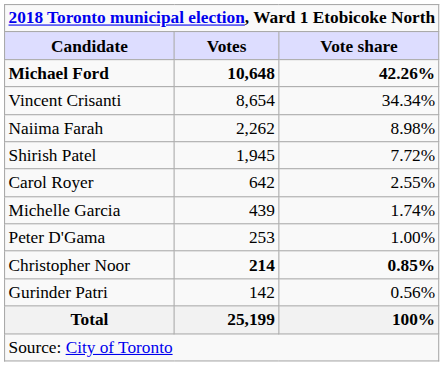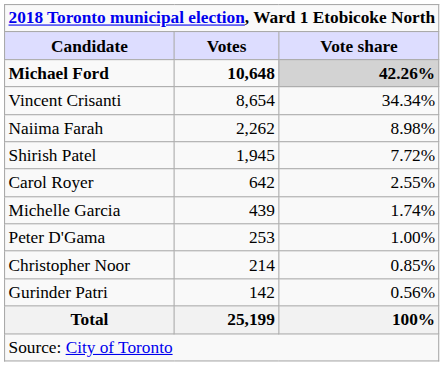 <table class="wikitable plainrowheaders">
 <tr>
 <td colspan="3"><strong><a href='#'>2018 Toronto municipal election</a>, Ward 1 Etobicoke North</strong></td>
 </tr>
 <tr>
 <th scope="col" style="background:#ddf; width:150px;">Candidate</th>
 <th scope="col" style="background:#ddf;">Votes</th>
 <th scope="col" style="background:#ddf;">Vote share</th>
 </tr>
 <tr>
 <td scope="row"><strong>Michael Ford</strong></td>
 <td style="text-align:right;"><strong>10,648</strong></td>
-<td style="text-align:right;"><strong>42.26%</strong></td>
+<td style="background: lightgrey; text-align:right;"><strong>42.26%</strong></td>
 </tr>
 <tr>
 <td scope="row">Vincent Crisanti</td>
 <td style="text-align:right;">8,654</td>
 <td style="text-align:right;">34.34%</td>
 </tr>
 <tr>
 <td scope="row">Naiima Farah</td>
 <td style="text-align:right;">2,262</td>
 <td style="text-align:right;">8.98%</td>
 </tr>
 <tr>
 <td scope="row">Shirish Patel</td>
 <td style="text-align:right;">1,945</td>
 <td style="text-align:right;">7.72%</td>
 </tr>
 <tr>
 <td>Carol Royer</td>
 <td style="text-align:right;">642</td>
 <td style="text-align:right;">2.55%</td>
 </tr>
 <tr>
 <td>Michelle Garcia</td>
 <td style="text-align:right;">439</td>
 <td style="text-align:right;">1.74%</td>
 </tr>
 <tr>
 <td>Peter D'Gama</td>
 <td style="text-align:right;">253</td>
 <td style="text-align:right;">1.00%</td>
 </tr>
 <tr>
 <td>Christopher Noor</td>
-<td style="text-align:right;"><strong>214</strong></td>
-<td style="text-align:right;"><strong>0.85%</strong></td>
+<td style="text-align:right;">214</td>
+<td style="text-align:right;">0.85%</td>
 </tr>
 <tr>
 <td>Gurinder Patri</td>
 <td style="text-align:right;">142</td>
 <td style="text-align:right;">0.56%</td>
 </tr>
 <tr>
 <th scope="row"><strong>Total</strong></th>
 <th style="text-align:right;">25,199</th>
 <th style="text-align:right;">100%</th>
 </tr>
 <tr>
 <td colspan="3">Source: <a href='#'>City of Toronto</a></td>
 </tr>
 </table>
